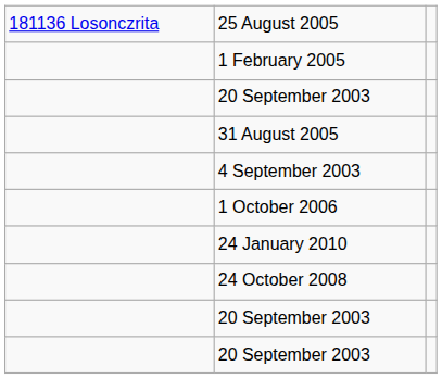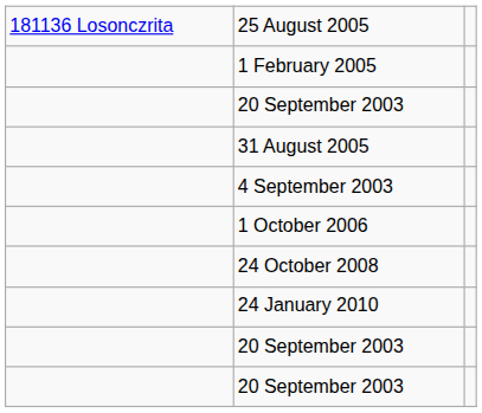 <table class="wikitable" style="font-size: 89%; float: left; width: 25em; margin-right: 1em; line-height: 1.65em !important;">
 <tr>
 <td><a href='#'>181136 Losonczrita</a></td>
 <td>25 August 2005</td>
 <td></td>
 </tr>
 <tr>
 <td></td>
 <td>1 February 2005</td>
 <td></td>
 </tr>
 <tr>
 <td></td>
 <td>20 September 2003</td>
 <td></td>
 </tr>
 <tr>
 <td></td>
 <td>31 August 2005</td>
 <td></td>
 </tr>
 <tr>
 <td></td>
 <td>4 September 2003</td>
 <td></td>
 </tr>
 <tr>
 <td></td>
 <td>1 October 2006</td>
 <td></td>
 </tr>
 <tr>
 <td></td>
-<td>24 January 2010</td>
+<td>24 October 2008</td>
 <td></td>
 </tr>
 <tr>
 <td></td>
-<td>24 October 2008</td>
+<td>24 January 2010</td>
 <td></td>
 </tr>
 <tr>
 <td></td>
 <td>20 September 2003</td>
 <td></td>
 </tr>
 <tr>
 <td></td>
 <td>20 September 2003</td>
 <td></td>
 </tr>
 </table>
